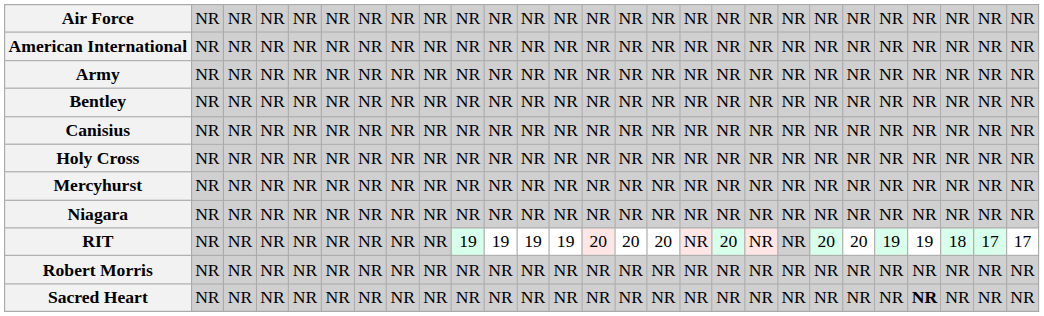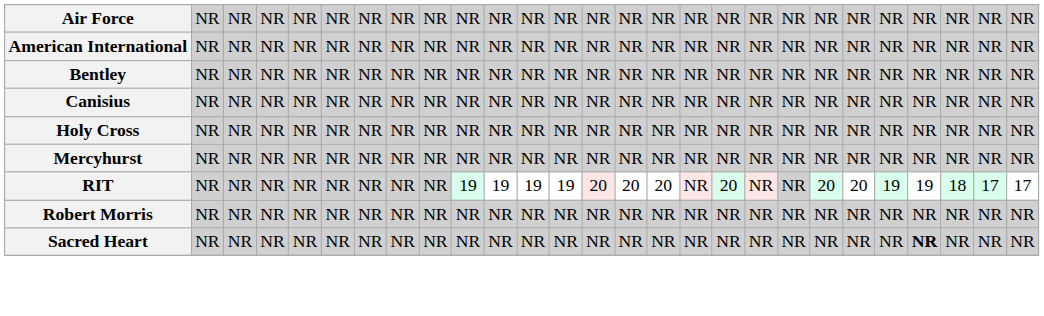 <table class="wikitable sortable" style="text-align: center;">
 <tr>
 </tr>
 <tr bgcolor=d0d0d0>
 <th><strong>Air Force</strong></th>
 <td>NR</td>
 <td>NR</td>
 <td>NR</td>
 <td>NR</td>
 <td>NR</td>
 <td>NR</td>
 <td>NR</td>
 <td>NR</td>
 <td>NR</td>
 <td>NR</td>
 <td>NR</td>
 <td>NR</td>
 <td>NR</td>
 <td>NR</td>
 <td>NR</td>
 <td>NR</td>
 <td>NR</td>
 <td>NR</td>
 <td>NR</td>
 <td>NR</td>
 <td>NR</td>
 <td>NR</td>
 <td>NR</td>
 <td>NR</td>
 <td>NR</td>
 <td>NR</td>
 </tr>
 <tr bgcolor=d0d0d0>
 <th><strong>American International</strong></th>
-<td>NR</td>
-<td>NR</td>
-<td>NR</td>
-<td>NR</td>
-<td>NR</td>
-<td>NR</td>
-<td>NR</td>
-<td>NR</td>
-<td>NR</td>
-<td>NR</td>
-<td>NR</td>
-<td>NR</td>
-<td>NR</td>
-<td>NR</td>
-<td>NR</td>
-<td>NR</td>
-<td>NR</td>
-<td>NR</td>
-<td>NR</td>
-<td>NR</td>
-<td>NR</td>
-<td>NR</td>
-<td>NR</td>
-<td>NR</td>
-<td>NR</td>
-<td>NR</td>
-</tr>
-<tr bgcolor=d0d0d0>
-<th><strong>Army</strong></th>
 <td>NR</td>
 <td>NR</td>
 <td>NR</td>
 <td>NR</td>
 <td>NR</td>
 <td>NR</td>
 <td>NR</td>
 <td>NR</td>
 <td>NR</td>
 <td>NR</td>
 <td>NR</td>
 <td>NR</td>
 <td>NR</td>
 <td>NR</td>
 <td>NR</td>
 <td>NR</td>
 <td>NR</td>
 <td>NR</td>
 <td>NR</td>
 <td>NR</td>
 <td>NR</td>
 <td>NR</td>
 <td>NR</td>
 <td>NR</td>
 <td>NR</td>
 <td>NR</td>
 </tr>
 <tr bgcolor=d0d0d0>
 <th><strong>Bentley</strong></th>
 <td>NR</td>
 <td>NR</td>
 <td>NR</td>
 <td>NR</td>
 <td>NR</td>
 <td>NR</td>
 <td>NR</td>
 <td>NR</td>
 <td>NR</td>
 <td>NR</td>
 <td>NR</td>
 <td>NR</td>
 <td>NR</td>
 <td>NR</td>
 <td>NR</td>
 <td>NR</td>
 <td>NR</td>
 <td>NR</td>
 <td>NR</td>
 <td>NR</td>
 <td>NR</td>
 <td>NR</td>
 <td>NR</td>
 <td>NR</td>
 <td>NR</td>
 <td>NR</td>
 </tr>
 <tr bgcolor=d0d0d0>
 <th><strong>Canisius</strong></th>
 <td>NR</td>
 <td>NR</td>
 <td>NR</td>
 <td>NR</td>
 <td>NR</td>
 <td>NR</td>
 <td>NR</td>
 <td>NR</td>
 <td>NR</td>
 <td>NR</td>
 <td>NR</td>
 <td>NR</td>
 <td>NR</td>
 <td>NR</td>
 <td>NR</td>
 <td>NR</td>
 <td>NR</td>
 <td>NR</td>
 <td>NR</td>
 <td>NR</td>
 <td>NR</td>
 <td>NR</td>
 <td>NR</td>
 <td>NR</td>
 <td>NR</td>
 <td>NR</td>
 </tr>
 <tr bgcolor=d0d0d0>
 <th><strong>Holy Cross</strong></th>
 <td>NR</td>
 <td>NR</td>
 <td>NR</td>
 <td>NR</td>
 <td>NR</td>
 <td>NR</td>
 <td>NR</td>
 <td>NR</td>
 <td>NR</td>
 <td>NR</td>
 <td>NR</td>
 <td>NR</td>
 <td>NR</td>
 <td>NR</td>
 <td>NR</td>
 <td>NR</td>
 <td>NR</td>
 <td>NR</td>
 <td>NR</td>
 <td>NR</td>
 <td>NR</td>
 <td>NR</td>
 <td>NR</td>
 <td>NR</td>
 <td>NR</td>
 <td>NR</td>
 </tr>
 <tr bgcolor=d0d0d0>
 <th><strong>Mercyhurst</strong></th>
 <td>NR</td>
 <td>NR</td>
 <td>NR</td>
 <td>NR</td>
 <td>NR</td>
 <td>NR</td>
 <td>NR</td>
 <td>NR</td>
 <td>NR</td>
 <td>NR</td>
 <td>NR</td>
 <td>NR</td>
 <td>NR</td>
 <td>NR</td>
 <td>NR</td>
 <td>NR</td>
 <td>NR</td>
 <td>NR</td>
 <td>NR</td>
 <td>NR</td>
 <td>NR</td>
 <td>NR</td>
 <td>NR</td>
 <td>NR</td>
 <td>NR</td>
 <td>NR</td>
 </tr>
 <tr bgcolor=d0d0d0>
-<th><strong>Niagara</strong></th>
-<td>NR</td>
-<td>NR</td>
-<td>NR</td>
-<td>NR</td>
-<td>NR</td>
-<td>NR</td>
-<td>NR</td>
-<td>NR</td>
-<td>NR</td>
-<td>NR</td>
-<td>NR</td>
-<td>NR</td>
-<td>NR</td>
-<td>NR</td>
-<td>NR</td>
-<td>NR</td>
-<td>NR</td>
-<td>NR</td>
-<td>NR</td>
-<td>NR</td>
-<td>NR</td>
-<td>NR</td>
-<td>NR</td>
-<td>NR</td>
-<td>NR</td>
-<td>NR</td>
-</tr>
-<tr bgcolor=d0d0d0>
 <th><strong>RIT</strong></th>
 <td>NR</td>
 <td>NR</td>
 <td>NR</td>
 <td>NR</td>
 <td>NR</td>
 <td>NR</td>
 <td>NR</td>
 <td>NR</td>
 <td bgcolor=D8FFEB>19</td>
 <td bgcolor=ffffff>19</td>
 <td bgcolor=ffffff>19</td>
 <td bgcolor=ffffff>19</td>
 <td bgcolor=FFE6E6>20</td>
 <td bgcolor=ffffff>20</td>
 <td bgcolor=ffffff>20</td>
 <td bgcolor=FFE6E6>NR</td>
 <td bgcolor=D8FFEB>20</td>
 <td bgcolor=FFE6E6>NR</td>
 <td>NR</td>
 <td bgcolor=D8FFEB>20</td>
 <td bgcolor=ffffff>20</td>
 <td bgcolor=D8FFEB>19</td>
 <td bgcolor=ffffff>19</td>
 <td bgcolor=D8FFEB>18</td>
 <td bgcolor=D8FFEB>17</td>
 <td bgcolor=ffffff>17</td>
 </tr>
 <tr bgcolor=d0d0d0>
 <th><strong>Robert Morris</strong></th>
 <td>NR</td>
 <td>NR</td>
 <td>NR</td>
 <td>NR</td>
 <td>NR</td>
 <td>NR</td>
 <td>NR</td>
 <td>NR</td>
 <td>NR</td>
 <td>NR</td>
 <td>NR</td>
 <td>NR</td>
 <td>NR</td>
 <td>NR</td>
 <td>NR</td>
 <td>NR</td>
 <td>NR</td>
 <td>NR</td>
 <td>NR</td>
 <td>NR</td>
 <td>NR</td>
 <td>NR</td>
 <td>NR</td>
 <td>NR</td>
 <td>NR</td>
 <td>NR</td>
 </tr>
 <tr bgcolor=d0d0d0>
 <th><strong>Sacred Heart</strong></th>
 <td>NR</td>
 <td>NR</td>
 <td>NR</td>
 <td>NR</td>
 <td>NR</td>
 <td>NR</td>
 <td>NR</td>
 <td>NR</td>
 <td>NR</td>
 <td>NR</td>
 <td>NR</td>
 <td>NR</td>
 <td>NR</td>
 <td>NR</td>
 <td>NR</td>
 <td>NR</td>
 <td>NR</td>
 <td>NR</td>
 <td>NR</td>
 <td>NR</td>
 <td>NR</td>
 <td>NR</td>
 <td><strong>NR</strong></td>
 <td>NR</td>
 <td>NR</td>
 <td>NR</td>
 </tr>
 <tr>
 </tr>
 </table>
